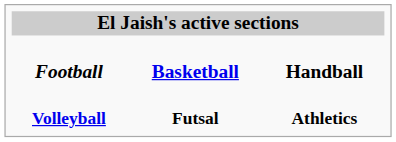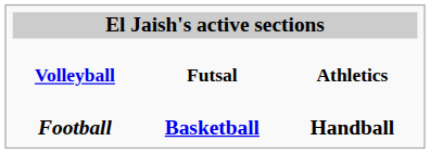 <table class="infobox" style="width: 20em; font-size: 95%em;align: center">
 <tr bgcolor="#cccccc" style="text-align: center">
 <th colspan="3">El Jaish's active sections</th>
+</tr>
+<tr style="font-size: 90%; text-align: center">
+<td><br><strong><a href='#'>Volleyball</a></strong></td>
+<td><br><strong>Futsal</strong></td>
+<td><br><strong>Athletics</strong></td>
 </tr>
 <tr style="text-align: center">
 <td><br><strong><em>Football</em></strong></td>
 <td><br><strong><a href='#'>Basketball</a></strong></td>
 <td><br><strong>Handball</strong></td>
 </tr>
-<tr style="font-size: 90%; text-align: center">
-<td><br><strong><a href='#'>Volleyball</a></strong></td>
-<td><br><strong>Futsal</strong></td>
-<td><br><strong>Athletics</strong></td>
-</tr>
 </table>
